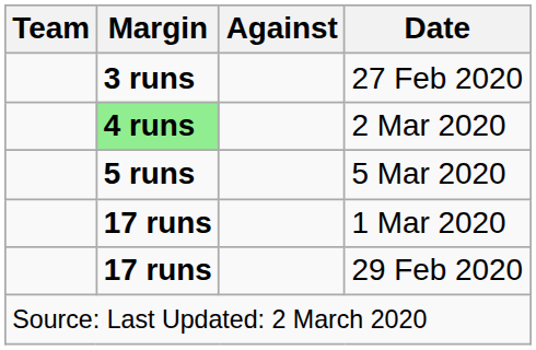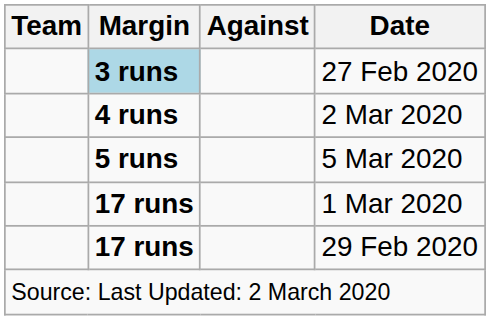 <table class="wikitable sortable" style="text-align:left">
 <tr>
 <th>Team</th>
 <th>Margin</th>
 <th>Against</th>
 <th class="unsortable">Date</th>
 </tr>
 <tr>
 <td></td>
-<td><strong>3 runs</strong></td>
+<td style="background: lightblue;"><strong>3 runs</strong></td>
 <td></td>
 <td>27 Feb 2020</td>
 </tr>
 <tr>
 <td></td>
-<td style="background: lightgreen;"><strong>4 runs</strong></td>
+<td><strong>4 runs</strong></td>
 <td></td>
 <td>2 Mar 2020</td>
 </tr>
 <tr>
 <td></td>
 <td><strong>5 runs</strong></td>
 <td></td>
 <td>5 Mar 2020</td>
 </tr>
 <tr>
 <td></td>
 <td><strong>17 runs</strong></td>
 <td></td>
 <td>1 Mar 2020</td>
 </tr>
 <tr>
 <td></td>
 <td><strong>17 runs</strong></td>
 <td></td>
 <td>29 Feb 2020</td>
 </tr>
 <tr>
 <td colspan=5><small>Source:  Last Updated: 2 March 2020 </small></td>
 </tr>
 </table>
